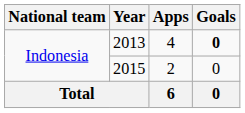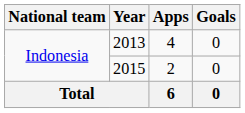 <table class=wikitable style=text-align:center>
 <tr>
 <th>National team</th>
 <th>Year</th>
 <th>Apps</th>
 <th>Goals</th>
 </tr>
 <tr>
 <td rowspan="2"><a href='#'>Indonesia</a></td>
 <td>2013</td>
 <td>4</td>
-<td><strong>0</strong></td>
+<td>0</td>
 </tr>
 <tr>
 <td>2015</td>
 <td>2</td>
 <td>0</td>
 </tr>
 <tr>
 <th colspan=2>Total</th>
 <th>6</th>
 <th>0</th>
 </tr>
 </table>
